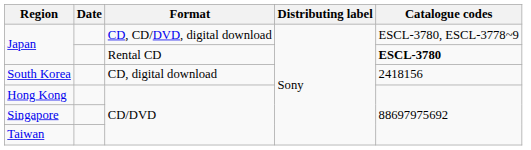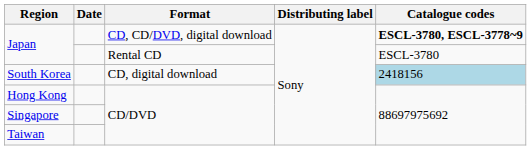 <table class="wikitable">
 <tr>
 <th>Region</th>
 <th>Date</th>
 <th>Format</th>
 <th>Distributing label</th>
 <th>Catalogue codes</th>
 </tr>
 <tr>
 <td rowspan=2><a href='#'>Japan</a></td>
 <td></td>
 <td><a href='#'>CD</a>, CD/<a href='#'>DVD</a>, digital download</td>
 <td rowspan=6>Sony</td>
-<td>ESCL-3780, ESCL-3778~9</td>
+<td><strong>ESCL-3780, ESCL-3778~9</strong></td>
 </tr>
 <tr>
 <td></td>
 <td>Rental CD</td>
-<td><strong>ESCL-3780</strong></td>
+<td>ESCL-3780</td>
 </tr>
 <tr>
 <td><a href='#'>South Korea</a></td>
 <td></td>
 <td>CD, digital download</td>
-<td>2418156</td>
+<td style="background: lightblue;">2418156</td>
 </tr>
 <tr>
 <td><a href='#'>Hong Kong</a></td>
 <td></td>
 <td rowspan=3>CD/DVD</td>
 <td rowspan=3>88697975692</td>
 </tr>
 <tr>
 <td><a href='#'>Singapore</a></td>
 <td></td>
 </tr>
 <tr>
 <td><a href='#'>Taiwan</a></td>
 <td></td>
 </tr>
 </table>
